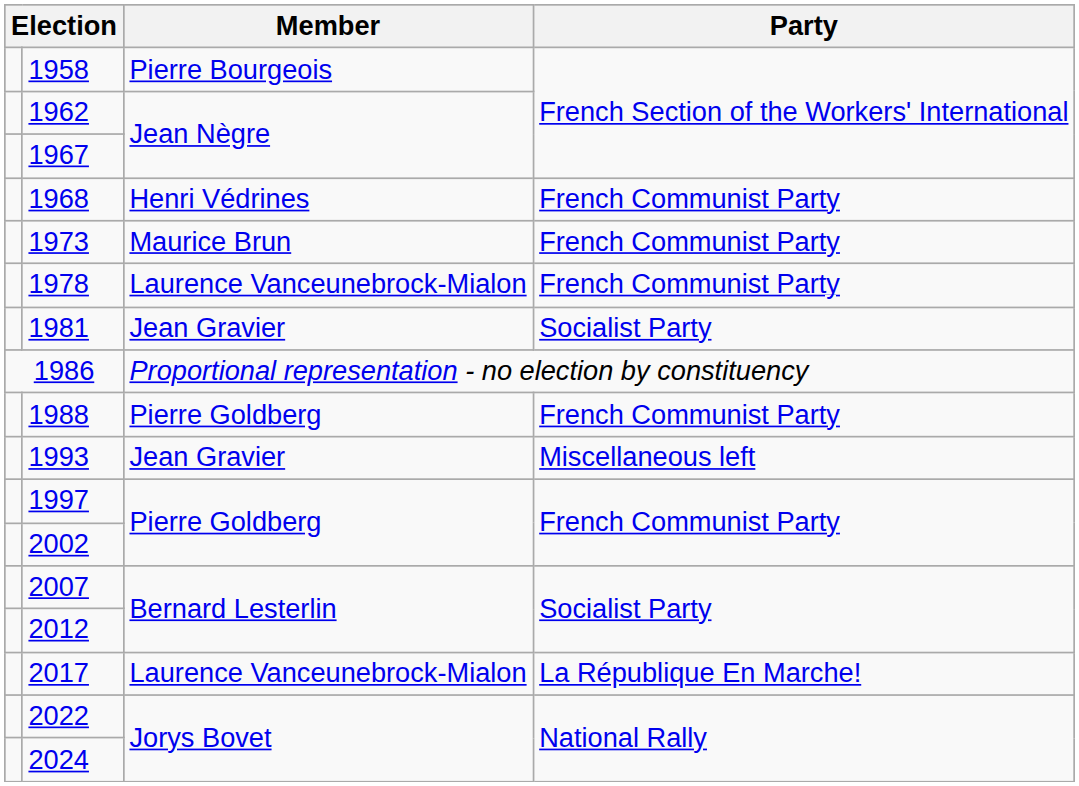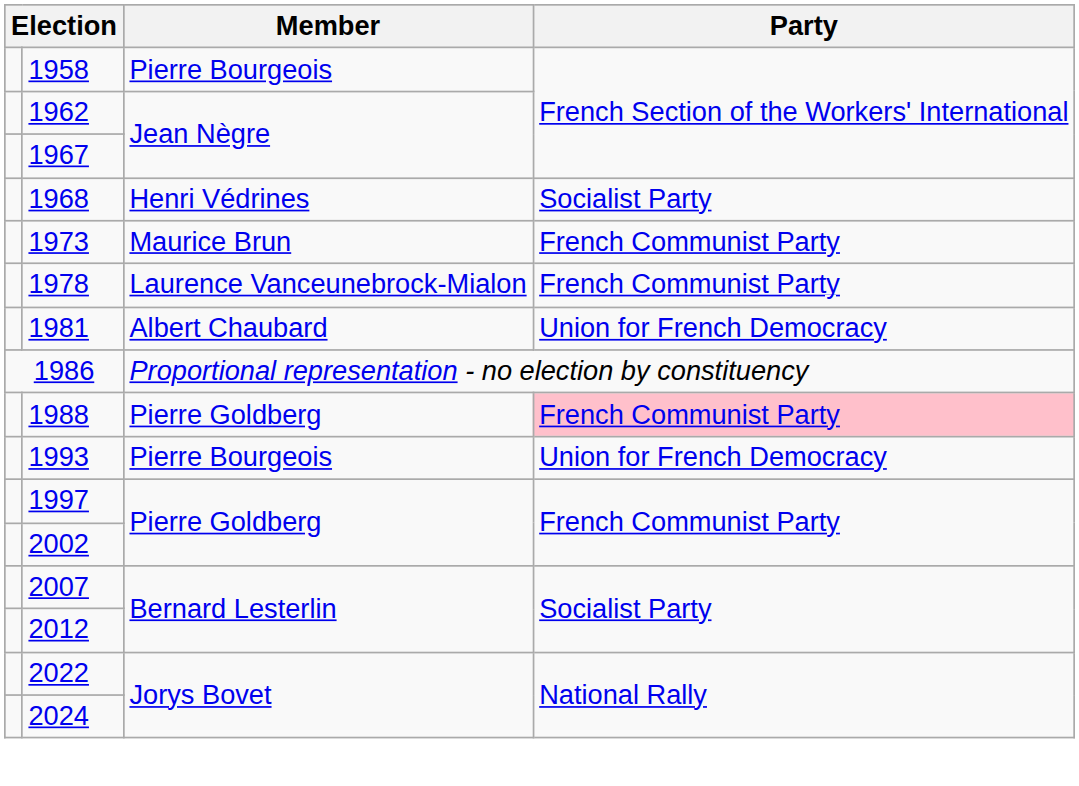 <table class="wikitable">
 <tr>
 <th colspan="2">Election</th>
 <th>Member</th>
 <th>Party</th>
 </tr>
 <tr>
 <td style="color:inherit;background-color: "></td>
 <td><a href='#'>1958</a></td>
 <td><a href='#'>Pierre Bourgeois</a></td>
 <td rowspan="3"><a href='#'>French Section of the Workers' International</a></td>
 </tr>
 <tr>
 <td style="color:inherit;background-color: "></td>
 <td><a href='#'>1962</a></td>
 <td rowspan="2"><a href='#'>Jean Nègre</a></td>
 </tr>
 <tr>
 <td style="color:inherit;background-color: "></td>
 <td><a href='#'>1967</a></td>
 </tr>
 <tr>
 <td style="color:inherit;background-color: "></td>
 <td><a href='#'>1968</a></td>
 <td><a href='#'>Henri Védrines</a></td>
-<td><a href='#'>French Communist Party</a></td>
+<td><a href='#'>Socialist Party</a></td>
 </tr>
 <tr>
 <td style="color:inherit;background-color: "></td>
 <td><a href='#'>1973</a></td>
 <td><a href='#'>Maurice Brun</a></td>
 <td><a href='#'>French Communist Party</a></td>
 </tr>
 <tr>
 <td style="color:inherit;background-color: "></td>
 <td><a href='#'>1978</a></td>
 <td><a href='#'>Laurence Vanceunebrock-Mialon</a></td>
 <td><a href='#'>French Communist Party</a></td>
 </tr>
 <tr>
 <td style="color:inherit;background-color: "></td>
 <td><a href='#'>1981</a></td>
-<td><a href='#'>Jean Gravier</a></td>
-<td><a href='#'>Socialist Party</a></td>
+<td><a href='#'>Albert Chaubard</a></td>
+<td><a href='#'>Union for French Democracy</a></td>
 </tr>
 <tr>
 <td colspan="2" align="center"><a href='#'>1986</a></td>
 <td colspan="2"><em><a href='#'>Proportional representation</a> - no election by constituency</em></td>
 </tr>
 <tr>
 <td style="color:inherit;background-color: "></td>
 <td><a href='#'>1988</a></td>
 <td><a href='#'>Pierre Goldberg</a></td>
-<td><a href='#'>French Communist Party</a></td>
+<td style="background: pink;"><a href='#'>French Communist Party</a></td>
 </tr>
 <tr>
 <td style="color:inherit;background-color: "></td>
 <td><a href='#'>1993</a></td>
-<td><a href='#'>Jean Gravier</a></td>
-<td><a href='#'>Miscellaneous left</a></td>
+<td><a href='#'>Pierre Bourgeois</a></td>
+<td><a href='#'>Union for French Democracy</a></td>
 </tr>
 <tr>
 <td style="color:inherit;background-color: "></td>
 <td><a href='#'>1997</a></td>
 <td rowspan="2"><a href='#'>Pierre Goldberg</a></td>
 <td rowspan="2"><a href='#'>French Communist Party</a></td>
 </tr>
 <tr>
 <td style="color:inherit;background-color: "></td>
 <td><a href='#'>2002</a></td>
 </tr>
 <tr>
 <td style="color:inherit;background-color: "></td>
 <td><a href='#'>2007</a></td>
 <td rowspan="2"><a href='#'>Bernard Lesterlin</a></td>
 <td rowspan="2"><a href='#'>Socialist Party</a></td>
 </tr>
 <tr>
 <td style="color:inherit;background-color: "></td>
 <td><a href='#'>2012</a></td>
 </tr>
 <tr>
 <td style="color:inherit;background-color: "></td>
-<td><a href='#'>2017</a></td>
-<td><a href='#'>Laurence Vanceunebrock-Mialon</a></td>
-<td><a href='#'>La République En Marche!</a></td>
-</tr>
-<tr>
-<td style="color:inherit;background-color: "></td>
 <td><a href='#'>2022</a></td>
 <td rowspan="2"><a href='#'>Jorys Bovet</a></td>
 <td rowspan="2"><a href='#'>National Rally</a></td>
 </tr>
 <tr>
 <td style="color:inherit;background-color: "></td>
 <td><a href='#'>2024</a></td>
 </tr>
 </table>
